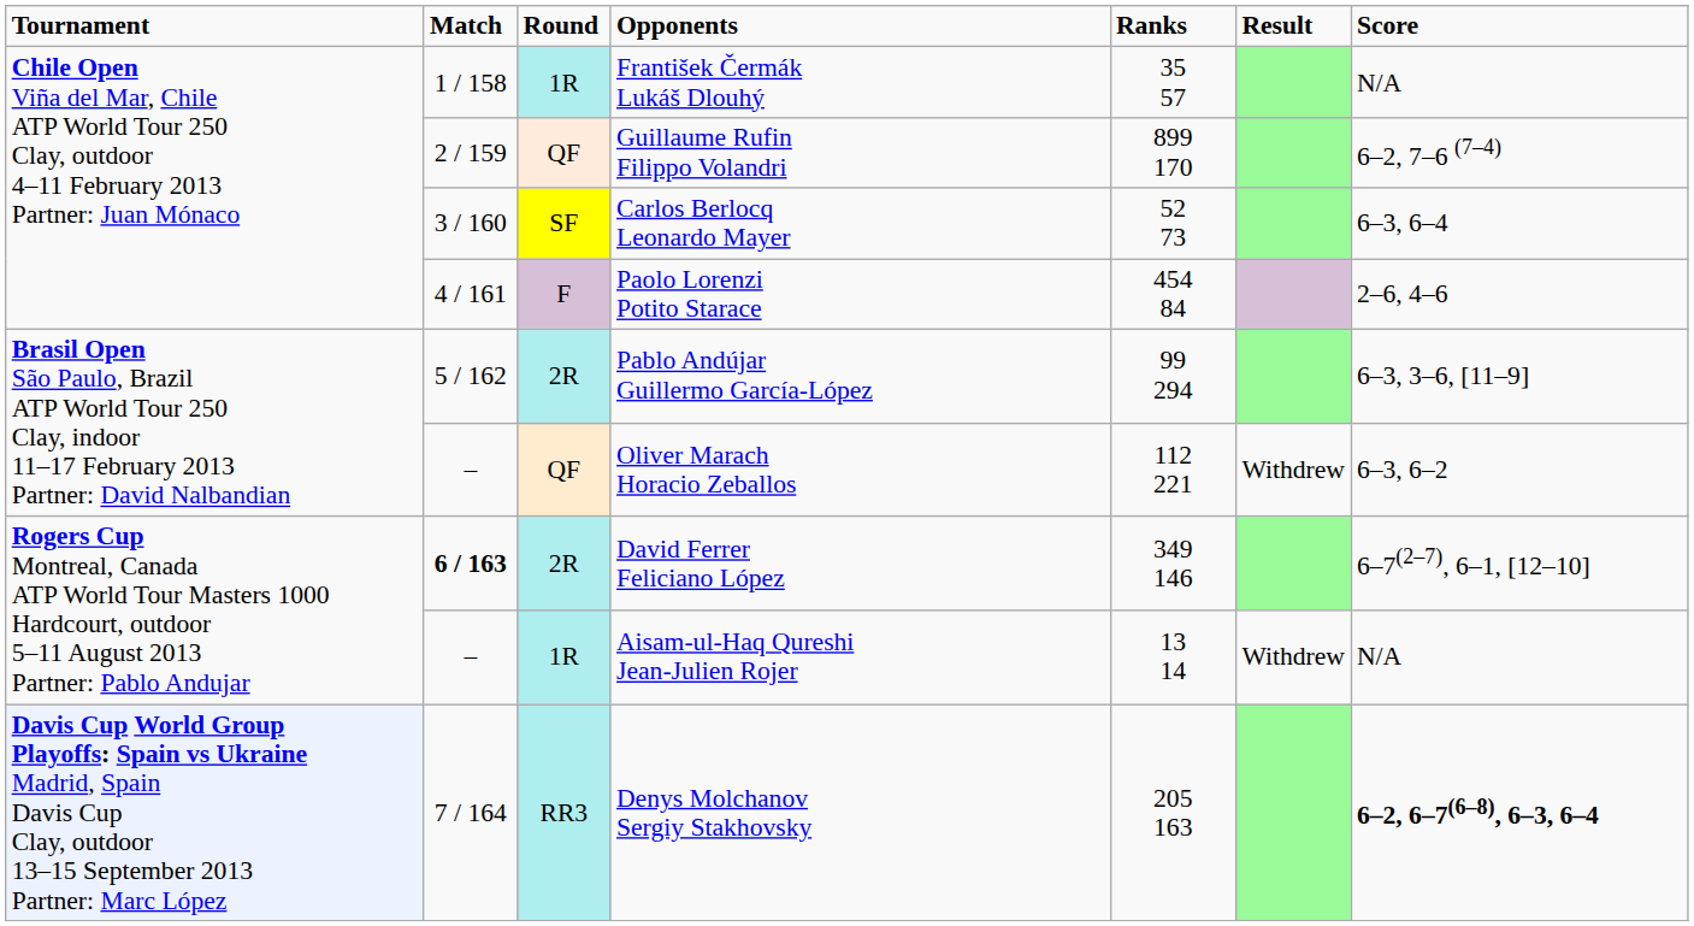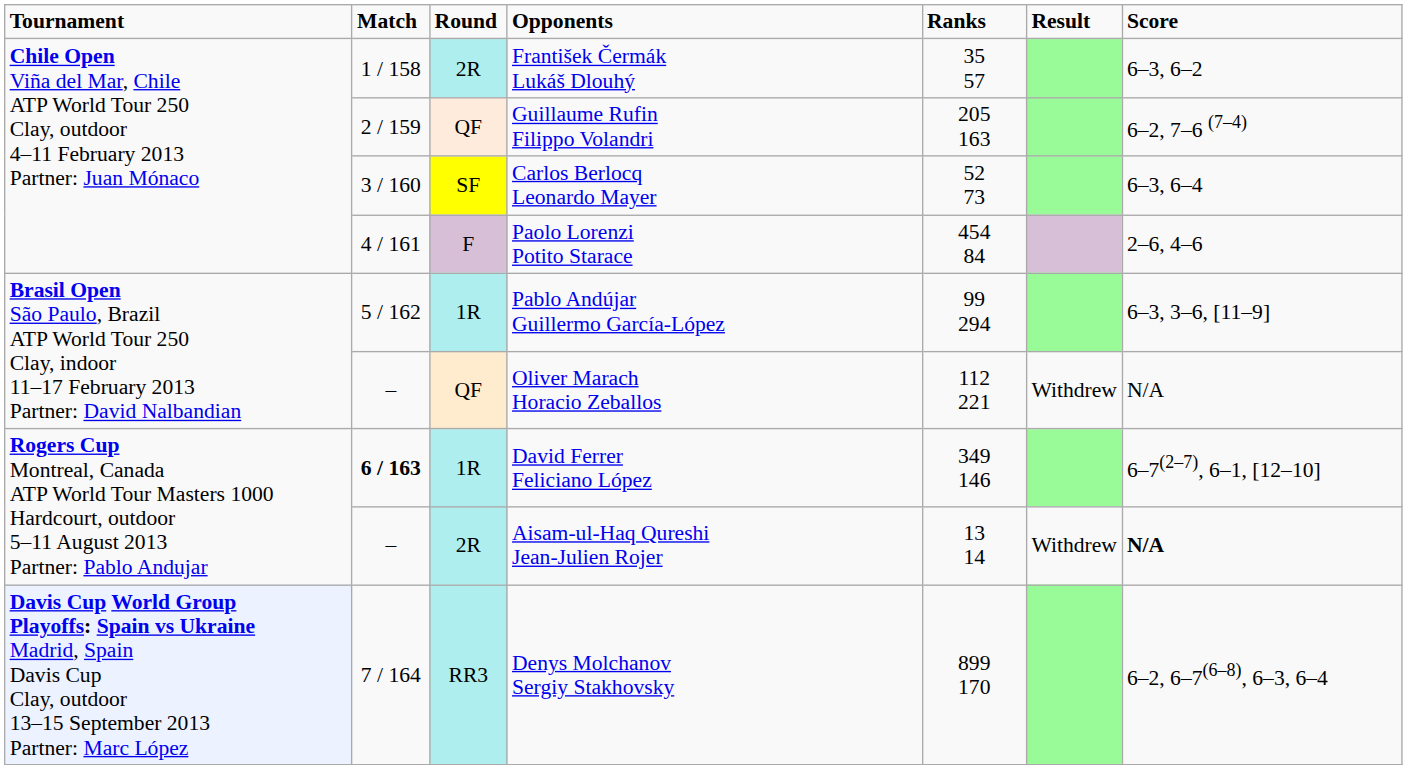 <table class="wikitable">
 <tr style="font-weight:bold">
 <td style="width:250px;">Tournament</td>
 <td style="width:50px;">Match</td>
 <td style="width:50px;">Round</td>
 <td style="width:300px;">Opponents</td>
 <td style="width:70px;">Ranks</td>
 <td style="width:40px;">Result</td>
 <td style="width:200px;">Score</td>
 </tr>
 <tr>
 <td rowspan="4" style="text-align: left; vertical-align: top"><strong><a href='#'>Chile Open</a></strong><br><a href='#'>Viña del Mar</a>, <a href='#'>Chile</a><br>ATP World Tour 250<br>Clay, outdoor<br>4–11 February 2013<br>Partner:  <a href='#'>Juan Mónaco</a></td>
 <td style="text-align: center">1 / 158</td>
-<td style="background: #afeeee; text-align: center">1R</td>
+<td style="background: #afeeee; text-align: center">2R</td>
 <td> <a href='#'>František Čermák</a> <br>  <a href='#'>Lukáš Dlouhý</a></td>
 <td style="text-align: center">35 <br> 57</td>
 <td style="background:#98fb98;"></td>
-<td>N/A</td>
+<td>6–3, 6–2</td>
 </tr>
 <tr>
 <td style="text-align: center">2 / 159</td>
 <td style="background: #ffebdc; text-align: center">QF</td>
 <td> <a href='#'>Guillaume Rufin</a> <br>  <a href='#'>Filippo Volandri</a></td>
-<td style="text-align: center">899 <br> 170</td>
+<td style="text-align: center">205 <br> 163</td>
 <td style="background:#98fb98;"></td>
 <td>6–2, 7–6 <sup>(7–4)</sup></td>
 </tr>
 <tr>
 <td style="text-align: center">3 / 160</td>
 <td style="background: yellow; text-align: center">SF</td>
 <td> <a href='#'>Carlos Berlocq</a> <br>  <a href='#'>Leonardo Mayer</a></td>
 <td style="text-align: center">52 <br> 73</td>
 <td style="background:#98fb98;"></td>
 <td>6–3, 6–4</td>
 </tr>
 <tr>
 <td style="text-align: center">4 / 161</td>
 <td style="background: thistle; text-align: center">F</td>
 <td> <a href='#'>Paolo Lorenzi</a> <br>  <a href='#'>Potito Starace</a></td>
 <td style="text-align: center">454 <br> 84</td>
 <td style="background:thistle;"></td>
 <td>2–6, 4–6</td>
 </tr>
 <tr>
 <td rowspan="2" style="text-align: left; vertical-align: top"><strong><a href='#'>Brasil Open</a></strong><br><a href='#'>São Paulo</a>, Brazil<br>ATP World Tour 250<br>Clay, indoor<br>11–17 February 2013 <br>Partner:  <a href='#'>David Nalbandian</a></td>
 <td style="text-align: center">5 / 162</td>
-<td style="background: #afeeee; text-align: center">2R</td>
+<td style="background: #afeeee; text-align: center">1R</td>
 <td> <a href='#'>Pablo Andújar</a> <br>  <a href='#'>Guillermo García-López</a></td>
 <td style="text-align: center">99 <br> 294</td>
 <td style="background:#98fb98;"></td>
 <td>6–3, 3–6, [11–9]</td>
 </tr>
 <tr>
 <td style="text-align: center">–</td>
 <td style="background: #ffebcd; text-align: center">QF</td>
 <td> <a href='#'>Oliver Marach</a> <br>  <a href='#'>Horacio Zeballos</a></td>
 <td style="text-align: center">112 <br> 221</td>
 <td style="text-align: center">Withdrew</td>
-<td>6–3, 6–2</td>
+<td>N/A</td>
 </tr>
 <tr>
 <td rowspan="2" style="text-align: left; style="background:#e9e9e9;" vertical-align: top"><strong><a href='#'>Rogers Cup</a></strong><br> Montreal, Canada<br>ATP World Tour Masters 1000 <br> Hardcourt, outdoor <br> 5–11 August  2013 <br>Partner:  <a href='#'>Pablo Andujar</a></td>
 <td style="text-align: center"><strong>6 / 163</strong></td>
-<td style="background: #afeeee; text-align: center">2R</td>
+<td style="background: #afeeee; text-align: center">1R</td>
 <td> <a href='#'>David Ferrer</a> <br>  <a href='#'>Feliciano López</a></td>
 <td style="text-align: center">349 <br> 146</td>
 <td style="background:#98fb98;"></td>
 <td>6–7<sup>(2–7)</sup>, 6–1, [12–10]</td>
 </tr>
 <tr>
 <td style="text-align: center">–</td>
-<td style="background: #afeeee; text-align: center">1R</td>
+<td style="background: #afeeee; text-align: center">2R</td>
 <td> <a href='#'>Aisam-ul-Haq Qureshi</a> <br>  <a href='#'>Jean-Julien Rojer</a></td>
 <td style="text-align: center">13 <br> 14</td>
 <td style="text-align: center">Withdrew</td>
-<td>N/A</td>
+<td><strong>N/A</strong></td>
 </tr>
 <tr>
 <td style="background:#ecf2ff; text-align:left; vertical-align:top;"><strong><a href='#'>Davis Cup</a> <a href='#'>World Group <br> Playoffs</a>: <a href='#'>Spain vs Ukraine</a></strong> <br> <a href='#'>Madrid</a>, <a href='#'>Spain</a> <br>Davis Cup <br> Clay, outdoor <br> 13–15 September 2013 <br>Partner:  <a href='#'>Marc López</a></td>
 <td style="text-align: center">7 / 164</td>
 <td style="background:#afeeee; text-align: center">RR3</td>
 <td> <a href='#'>Denys Molchanov</a> <br>  <a href='#'>Sergiy Stakhovsky</a></td>
-<td style="text-align: center">205 <br> 163</td>
+<td style="text-align: center">899 <br> 170</td>
 <td style="background:#98fb98;"></td>
-<td><strong>6–2, 6–7<sup>(6–8)</sup>, 6–3, 6–4</strong></td>
+<td>6–2, 6–7<sup>(6–8)</sup>, 6–3, 6–4</td>
 </tr>
 <tr>
 </tr>
 </table>
